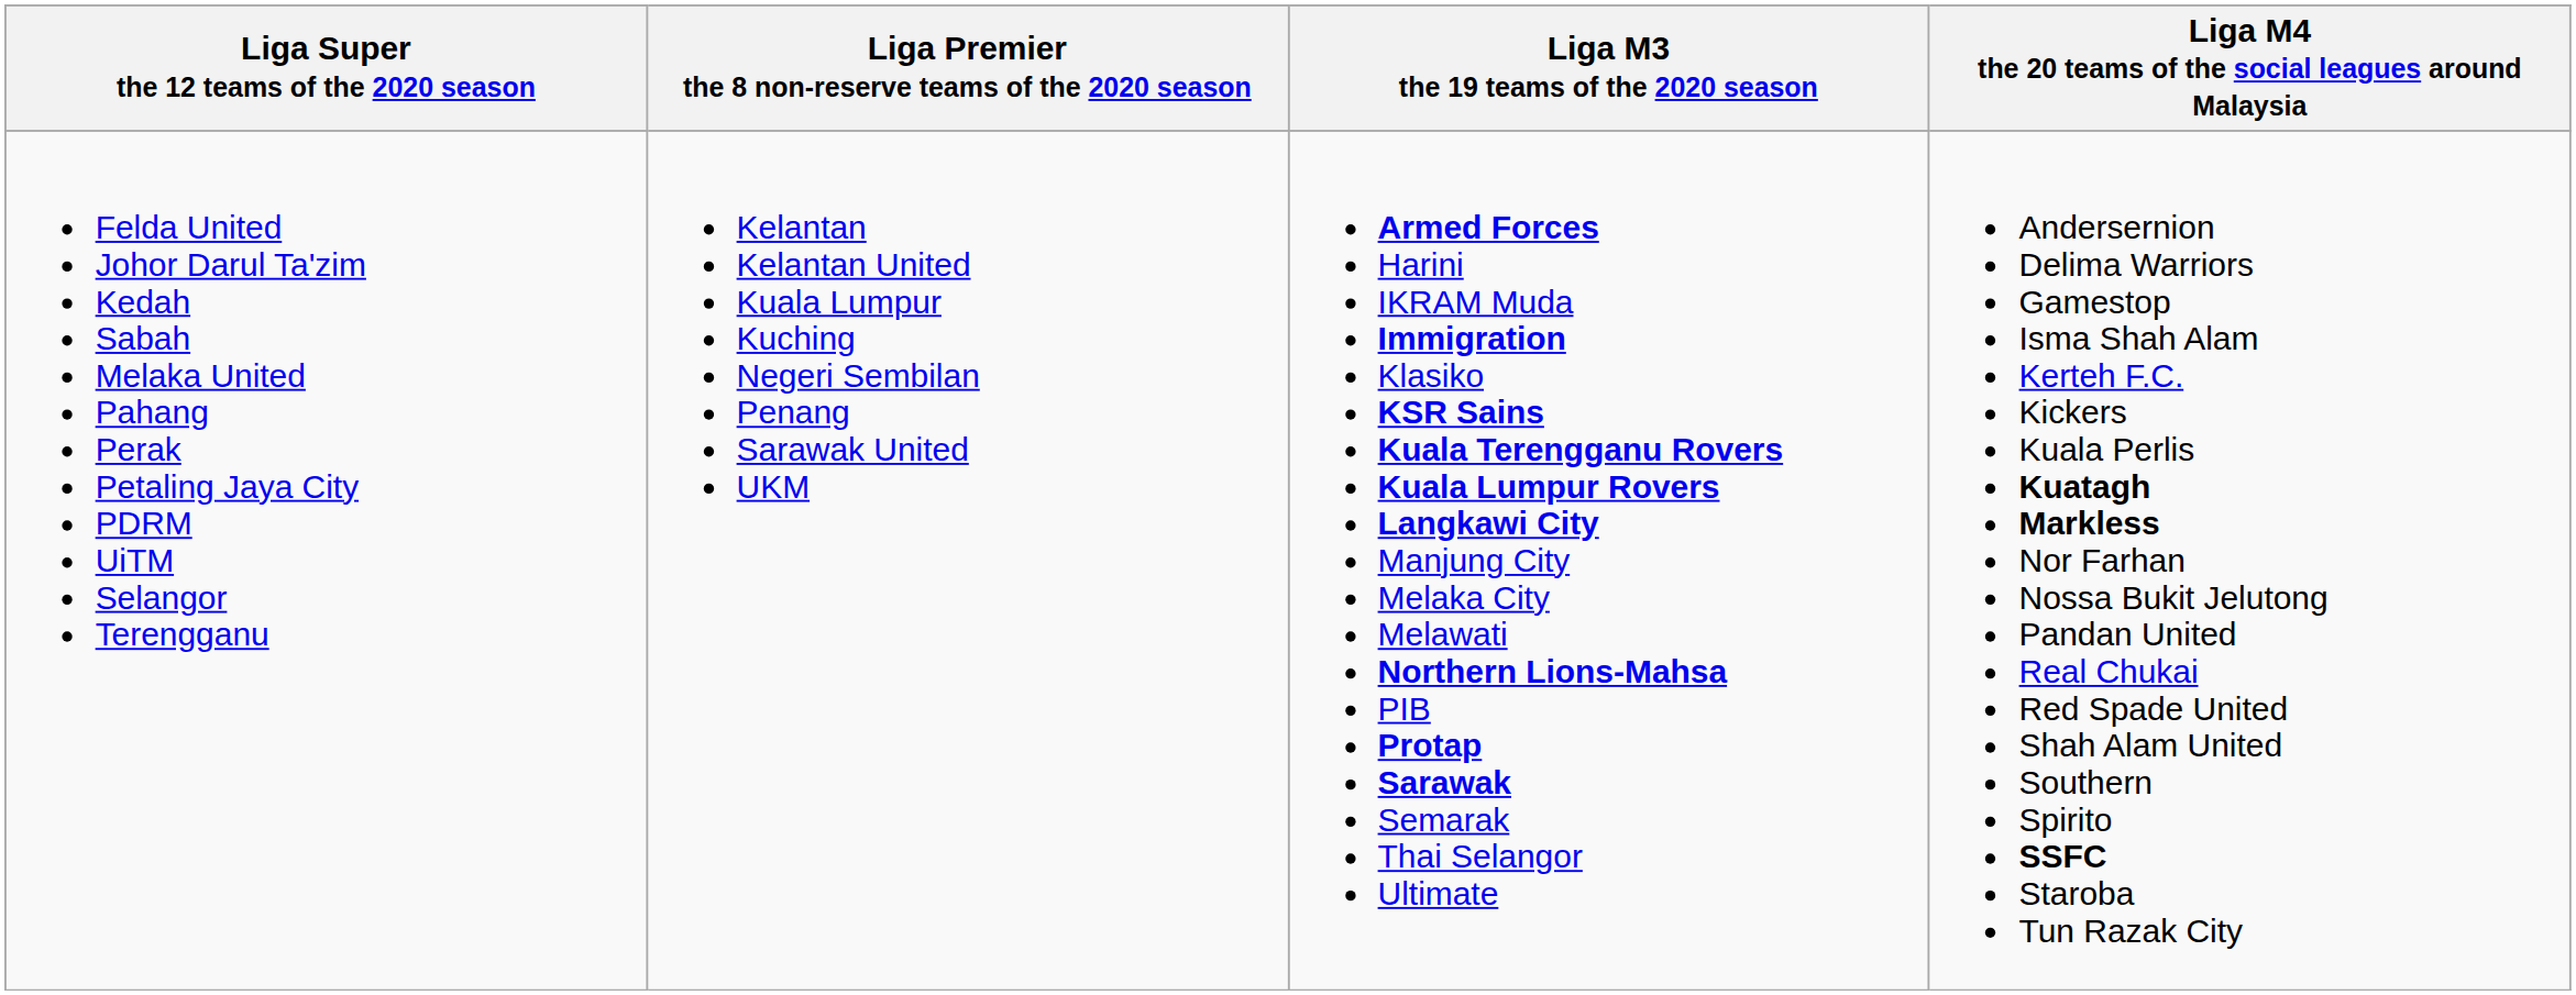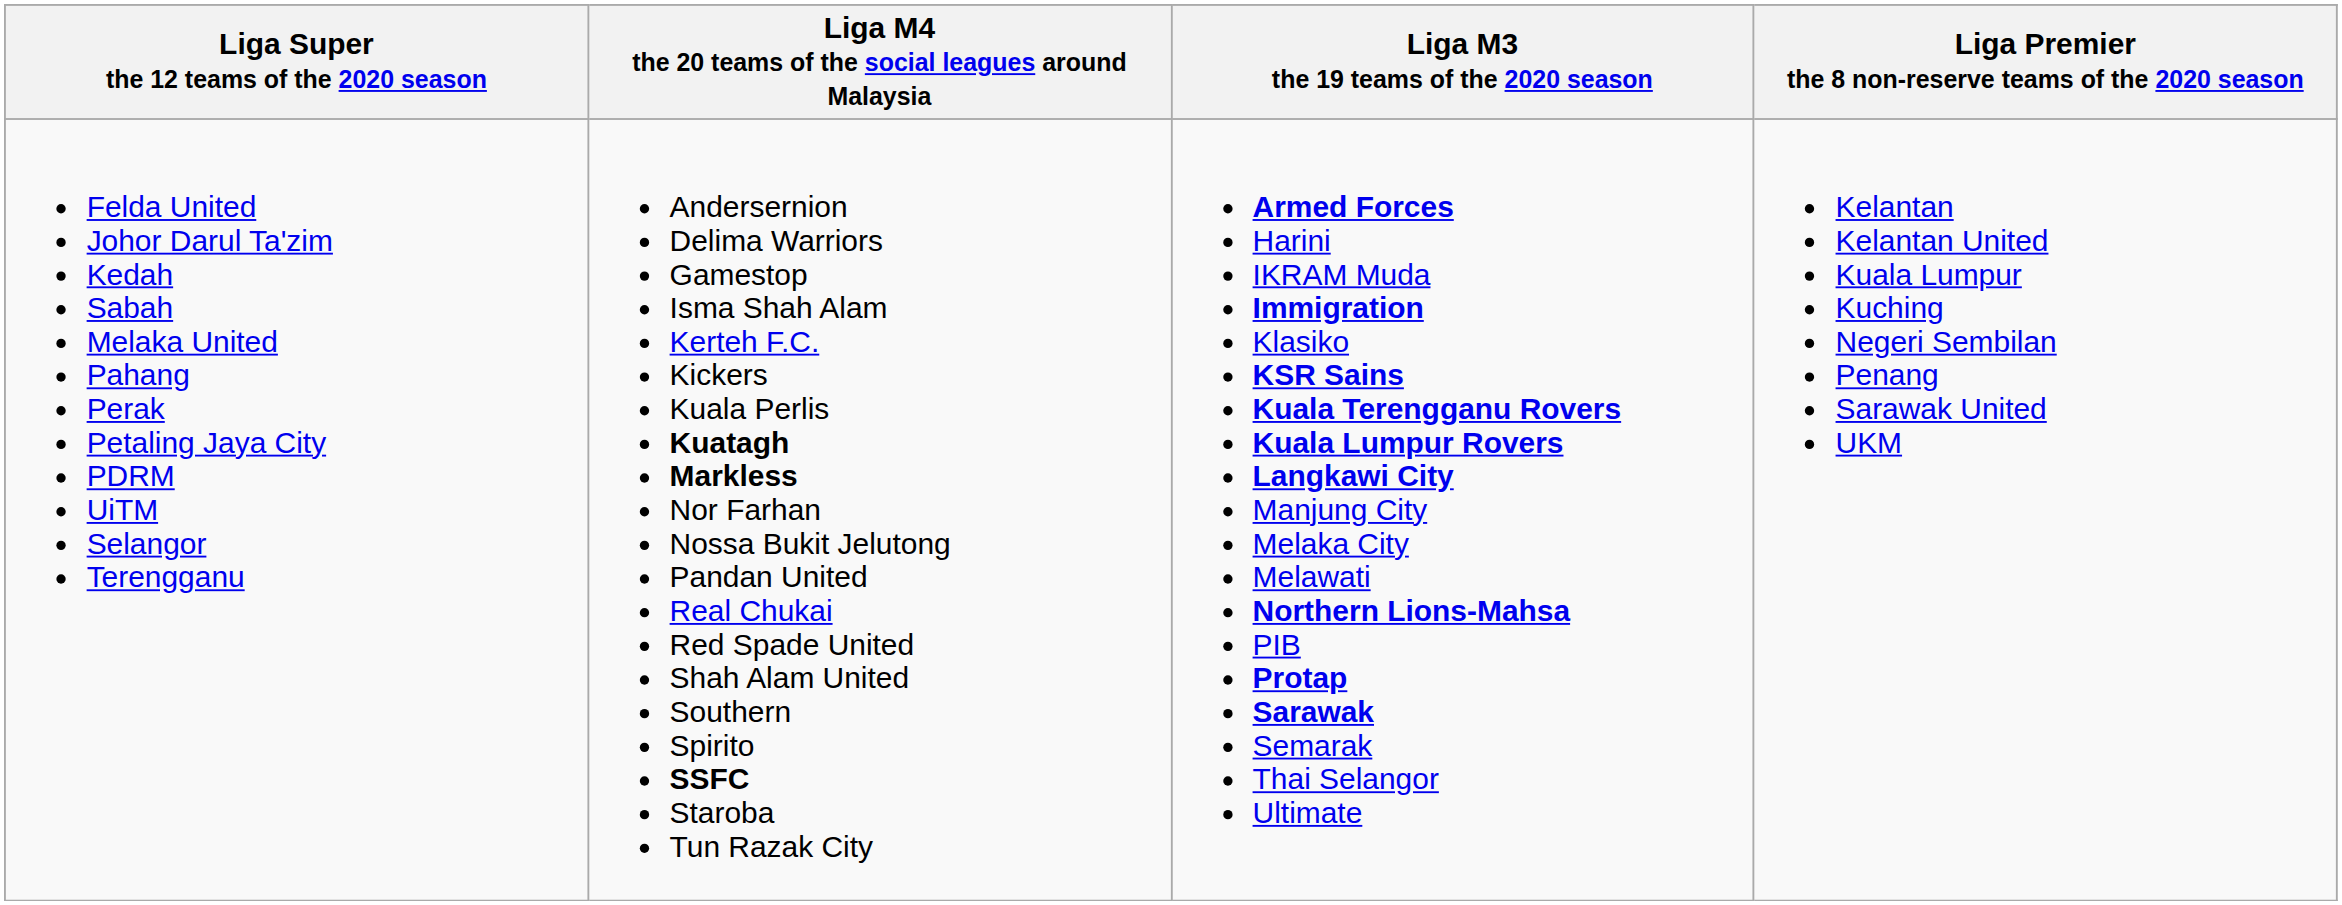 <table class="wikitable">
 <tr>
 <th style="width:25%"><strong>Liga Super</strong><br><small>the 12 teams of the <a href='#'>2020 season</a></small></th>
+<th style="width:25%"><strong>Liga M4</strong><br><small>the 20 teams of the <a href='#'>social leagues</a> around Malaysia</small></th>
+<th style="width:25%"><strong>Liga M3</strong><br><small>the 19 teams of the <a href='#'>2020 season</a></small></th>
 <th style="width:25%"><strong>Liga Premier</strong><br><small>the 8 non-reserve teams of the <a href='#'>2020 season</a></small></th>
-<th style="width:25%"><strong>Liga M3</strong><br><small>the 19 teams of the <a href='#'>2020 season</a></small></th>
-<th style="width:25%"><strong>Liga M4</strong><br><small>the 20 teams of the <a href='#'>social leagues</a> around Malaysia</small></th>
 </tr>
 <tr style="vertical-align:top">
 <td><br><ul><li><a href='#'>Felda United</a></li><li><a href='#'>Johor Darul Ta'zim</a></li><li><a href='#'>Kedah</a></li><li><a href='#'>Sabah</a></li><li><a href='#'>Melaka United</a></li><li><a href='#'>Pahang</a></li><li><a href='#'>Perak</a></li><li><a href='#'>Petaling Jaya City</a></li><li><a href='#'>PDRM</a></li><li><a href='#'>UiTM</a></li><li><a href='#'>Selangor</a></li><li><a href='#'>Terengganu</a></li></ul></td>
+<td><br><ul><li>Andersernion</li><li>Delima Warriors</li><li>Gamestop</li><li>Isma Shah Alam</li><li><a href='#'>Kerteh F.C.</a></li><li>Kickers</li><li>Kuala Perlis</li><li><strong>Kuatagh</strong></li><li><strong>Markless</strong></li><li>Nor Farhan</li><li>Nossa Bukit Jelutong</li><li>Pandan United</li><li><a href='#'>Real Chukai</a></li><li>Red Spade United</li><li>Shah Alam United</li><li>Southern</li><li>Spirito</li><li><strong>SSFC</strong></li><li>Staroba</li><li>Tun Razak City</li></ul></td>
+<td><br><ul><li><strong><a href='#'>Armed Forces</a></strong></li><li><a href='#'>Harini</a></li><li><a href='#'>IKRAM Muda</a></li><li><strong><a href='#'>Immigration</a></strong></li><li><a href='#'>Klasiko</a></li><li><strong><a href='#'>KSR Sains</a></strong></li><li><strong><a href='#'>Kuala Terengganu Rovers</a></strong></li><li><strong><a href='#'>Kuala Lumpur Rovers</a></strong></li><li><strong><a href='#'>Langkawi City</a></strong></li><li><a href='#'>Manjung City</a></li><li><a href='#'>Melaka City</a></li><li><a href='#'>Melawati</a></li><li><strong><a href='#'>Northern Lions-Mahsa</a></strong></li><li><a href='#'>PIB</a></li><li><strong><a href='#'>Protap</a></strong></li><li><strong><a href='#'>Sarawak</a></strong></li><li><a href='#'>Semarak</a></li><li><a href='#'>Thai Selangor</a></li><li><a href='#'>Ultimate</a></li></ul></td>
 <td><br><ul><li><a href='#'>Kelantan</a></li><li><a href='#'>Kelantan United</a></li><li><a href='#'>Kuala Lumpur</a></li><li><a href='#'>Kuching</a></li><li><a href='#'>Negeri Sembilan</a></li><li><a href='#'>Penang</a></li><li><a href='#'>Sarawak United</a></li><li><a href='#'>UKM</a></li></ul></td>
-<td><br><ul><li><strong><a href='#'>Armed Forces</a></strong></li><li><a href='#'>Harini</a></li><li><a href='#'>IKRAM Muda</a></li><li><strong><a href='#'>Immigration</a></strong></li><li><a href='#'>Klasiko</a></li><li><strong><a href='#'>KSR Sains</a></strong></li><li><strong><a href='#'>Kuala Terengganu Rovers</a></strong></li><li><strong><a href='#'>Kuala Lumpur Rovers</a></strong></li><li><strong><a href='#'>Langkawi City</a></strong></li><li><a href='#'>Manjung City</a></li><li><a href='#'>Melaka City</a></li><li><a href='#'>Melawati</a></li><li><strong><a href='#'>Northern Lions-Mahsa</a></strong></li><li><a href='#'>PIB</a></li><li><strong><a href='#'>Protap</a></strong></li><li><strong><a href='#'>Sarawak</a></strong></li><li><a href='#'>Semarak</a></li><li><a href='#'>Thai Selangor</a></li><li><a href='#'>Ultimate</a></li></ul></td>
-<td><br><ul><li>Andersernion</li><li>Delima Warriors</li><li>Gamestop</li><li>Isma Shah Alam</li><li><a href='#'>Kerteh F.C.</a></li><li>Kickers</li><li>Kuala Perlis</li><li><strong>Kuatagh</strong></li><li><strong>Markless</strong></li><li>Nor Farhan</li><li>Nossa Bukit Jelutong</li><li>Pandan United</li><li><a href='#'>Real Chukai</a></li><li>Red Spade United</li><li>Shah Alam United</li><li>Southern</li><li>Spirito</li><li><strong>SSFC</strong></li><li>Staroba</li><li>Tun Razak City</li></ul></td>
 </tr>
 </table>
